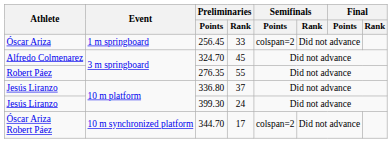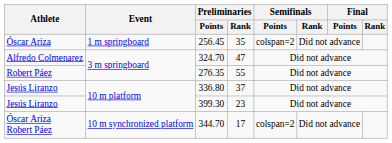 <table class=wikitable style="font-size:90%;">
 <tr>
 <th rowspan="2">Athlete</th>
 <th rowspan="2">Event</th>
 <th colspan="2">Preliminaries</th>
 <th colspan="2">Semifinals</th>
 <th colspan="2">Final</th>
 </tr>
 <tr style="font-size:95%">
 <th>Points</th>
 <th>Rank</th>
 <th>Points</th>
 <th>Rank</th>
 <th>Points</th>
 <th>Rank</th>
 </tr>
 <tr align=center>
 <td align=left><a href='#'>Óscar Ariza</a></td>
 <td align=left><a href='#'>1 m springboard</a></td>
 <td>256.45</td>
-<td>33</td>
+<td>35</td>
 <td>colspan=2 </td>
 <td colspan=2>Did not advance</td>
 </tr>
 <tr align=center>
 <td align=left><a href='#'>Alfredo Colmenarez</a></td>
 <td align=left rowspan=2><a href='#'>3 m springboard</a></td>
 <td>324.70</td>
-<td>45</td>
+<td>47</td>
 <td colspan=4>Did not advance</td>
 </tr>
 <tr align=center>
 <td align=left><a href='#'>Robert Páez</a></td>
 <td>276.35</td>
 <td>55</td>
 <td colspan=4>Did not advance</td>
 </tr>
 <tr align=center>
 <td align=left><a href='#'>Jesús Liranzo</a></td>
 <td align=left rowspan=2><a href='#'>10 m platform</a></td>
 <td>336.80</td>
 <td>37</td>
 <td colspan=4>Did not advance</td>
 </tr>
 <tr align=center>
 <td align=left><a href='#'>Jesús Liranzo</a></td>
 <td>399.30</td>
-<td>24</td>
+<td>23</td>
 <td colspan=4>Did not advance</td>
 </tr>
 <tr align=center>
 <td align=left><a href='#'>Óscar Ariza</a><br><a href='#'>Robert Páez</a></td>
 <td align=left><a href='#'>10 m synchronized platform</a></td>
 <td>344.70</td>
 <td>17</td>
 <td>colspan=2 </td>
 <td colspan=2>Did not advance</td>
 </tr>
 </table>
